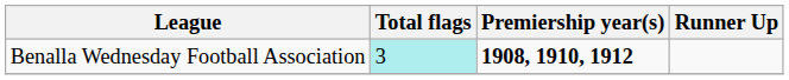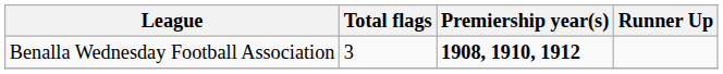 <table class="wikitable">
 <tr>
 <th>League</th>
 <th>Total flags</th>
 <th>Premiership year(s)</th>
 <th>Runner Up</th>
 </tr>
 <tr>
 <td>Benalla Wednesday Football Association</td>
-<td style="background: paleturquoise;">3</td>
+<td>3</td>
 <td><strong>1908, 1910, 1912</strong></td>
 <td></td>
 </tr>
 <tr>
 </tr>
 </table>
